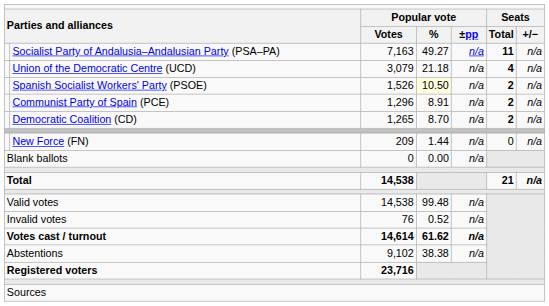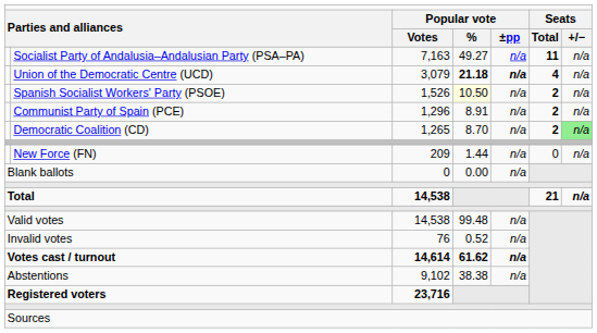 <table class="wikitable" style="text-align:right;">
 <tr>
 <td colspan="7"></td>
 </tr>
 <tr>
 <th style="text-align:left;" rowspan="2" colspan="2" width="525">Parties and alliances</th>
 <th colspan="3">Popular vote</th>
 <th colspan="2">Seats</th>
 </tr>
 <tr>
 <th width="75">Votes</th>
 <th width="45">%</th>
 <th width="45">±<a href='#'>pp</a></th>
 <th width="35">Total</th>
 <th width="35">+/−</th>
 </tr>
 <tr>
 <td width="1" style="color:inherit;background:"></td>
 <td align="left"><a href='#'>Socialist Party of Andalusia–Andalusian Party</a> (PSA–PA)</td>
 <td>7,163</td>
 <td>49.27</td>
 <td><em><a href='#'>n/a</a></em></td>
 <td><strong>11</strong></td>
 <td><em>n/a</em></td>
 </tr>
 <tr>
 <td style="color:inherit;background:"></td>
 <td align="left"><a href='#'>Union of the Democratic Centre</a> (UCD)</td>
 <td>3,079</td>
-<td>21.18</td>
-<td><em>n/a</em></td>
+<td><strong>21.18</strong></td>
+<td><strong><em>n/a</em></strong></td>
 <td><strong>4</strong></td>
 <td><em>n/a</em></td>
 </tr>
 <tr>
 <td style="color:inherit;background:"></td>
 <td align="left"><a href='#'>Spanish Socialist Workers' Party</a> (PSOE)</td>
 <td>1,526</td>
 <td style="background: lightyellow;">10.50</td>
 <td><em>n/a</em></td>
 <td><strong>2</strong></td>
 <td><em>n/a</em></td>
 </tr>
 <tr>
 <td style="color:inherit;background:"></td>
 <td align="left"><a href='#'>Communist Party of Spain</a> (PCE)</td>
 <td>1,296</td>
 <td>8.91</td>
 <td><em>n/a</em></td>
 <td><strong>2</strong></td>
 <td><em>n/a</em></td>
 </tr>
 <tr>
 <td style="color:inherit;background:"></td>
 <td align="left"><a href='#'>Democratic Coalition</a> (CD)</td>
 <td>1,265</td>
 <td>8.70</td>
 <td><em>n/a</em></td>
 <td><strong>2</strong></td>
-<td><em>n/a</em></td>
+<td style="background: lightgreen;"><em>n/a</em></td>
 </tr>
 <tr>
 <td colspan="7" bgcolor="#C0C0C0"></td>
 </tr>
 <tr>
 <td style="color:inherit;background:"></td>
 <td align="left"><a href='#'>New Force</a> (FN)</td>
 <td>209</td>
 <td>1.44</td>
 <td><em>n/a</em></td>
 <td>0</td>
 <td><em>n/a</em></td>
 </tr>
 <tr>
 <td align="left" colspan="2">Blank ballots</td>
 <td>0</td>
 <td>0.00</td>
 <td><em>n/a</em></td>
 <td bgcolor="#E9E9E9" colspan="2"></td>
 </tr>
 <tr>
 <td colspan="7" bgcolor="#E9E9E9"></td>
 </tr>
 <tr style="font-weight:bold;">
 <td align="left" colspan="2">Total</td>
 <td>14,538</td>
 <td bgcolor="#E9E9E9" colspan="2"></td>
 <td>21</td>
 <td><em>n/a</em></td>
 </tr>
 <tr>
 <td colspan="7" bgcolor="#E9E9E9"></td>
 </tr>
 <tr>
 <td align="left" colspan="2">Valid votes</td>
 <td>14,538</td>
 <td>99.48</td>
 <td><em>n/a</em></td>
 <td bgcolor="#E9E9E9" colspan="2" rowspan="5"></td>
 </tr>
 <tr>
 <td align="left" colspan="2">Invalid votes</td>
 <td>76</td>
 <td>0.52</td>
 <td><em>n/a</em></td>
 </tr>
 <tr style="font-weight:bold;">
 <td align="left" colspan="2">Votes cast / turnout</td>
 <td>14,614</td>
 <td>61.62</td>
 <td><em>n/a</em></td>
 </tr>
 <tr>
 <td align="left" colspan="2">Abstentions</td>
 <td>9,102</td>
 <td>38.38</td>
 <td><em>n/a</em></td>
 </tr>
 <tr style="font-weight:bold;">
 <td align="left" colspan="2">Registered voters</td>
 <td>23,716</td>
 <td bgcolor="#E9E9E9" colspan="2"></td>
 </tr>
 <tr>
 <td colspan="7" bgcolor="#E9E9E9"></td>
 </tr>
 <tr>
 <td align="left" colspan="7">Sources</td>
 </tr>
 </table>
